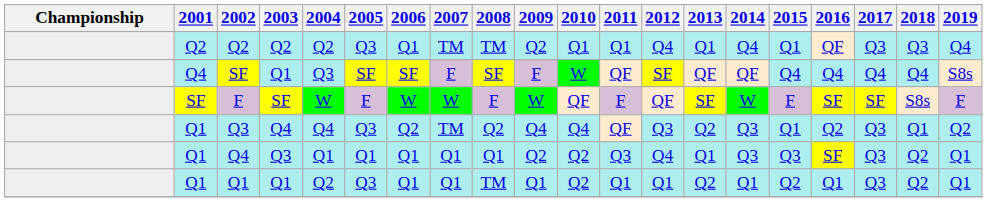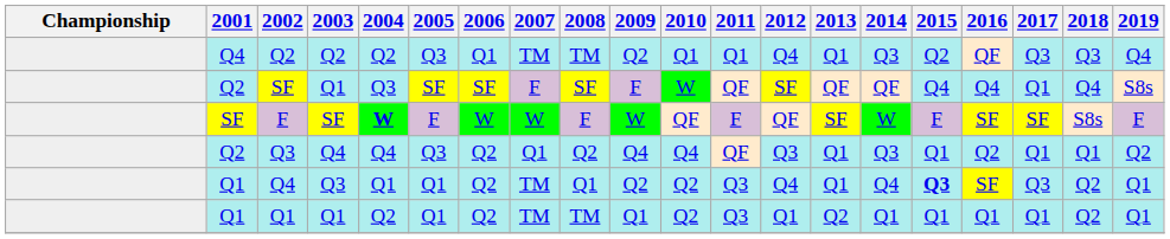 <table class="wikitable" style="text-align:center">
 <tr>
 <th width="150">Championship</th>
 <th><a href='#'>2001</a></th>
 <th><a href='#'>2002</a></th>
 <th><a href='#'>2003</a></th>
 <th><a href='#'>2004</a></th>
 <th><a href='#'>2005</a></th>
 <th><a href='#'>2006</a></th>
 <th><a href='#'>2007</a></th>
 <th><a href='#'>2008</a></th>
 <th><a href='#'>2009</a></th>
 <th><a href='#'>2010</a></th>
 <th><a href='#'>2011</a></th>
 <th><a href='#'>2012</a></th>
 <th><a href='#'>2013</a></th>
 <th><a href='#'>2014</a></th>
 <th><a href='#'>2015</a></th>
 <th><a href='#'>2016</a></th>
 <th><a href='#'>2017</a></th>
 <th><a href='#'>2018</a></th>
 <th><a href='#'>2019</a></th>
 </tr>
 <tr>
 <td style="background:#efefef; text-align:left;"></td>
-<td style="background:#afeeee;"><a href='#'>Q2</a></td>
+<td style="background:#afeeee;"><a href='#'>Q4</a></td>
 <td style="background:#afeeee;"><a href='#'>Q2</a></td>
 <td style="background:#afeeee;"><a href='#'>Q2</a></td>
 <td style="background:#afeeee;"><a href='#'>Q2</a></td>
 <td style="background:#afeeee;"><a href='#'>Q3</a></td>
 <td style="background:#afeeee;"><a href='#'>Q1</a></td>
 <td style="background:#afeeee;"><a href='#'>TM</a></td>
 <td style="background:#afeeee;"><a href='#'>TM</a></td>
 <td style="background:#afeeee;"><a href='#'>Q2</a></td>
 <td style="background:#afeeee;"><a href='#'>Q1</a></td>
 <td style="background:#afeeee;"><a href='#'>Q1</a></td>
 <td style="background:#afeeee;"><a href='#'>Q4</a></td>
 <td style="background:#afeeee;"><a href='#'>Q1</a></td>
-<td style="background:#afeeee;"><a href='#'>Q4</a></td>
-<td style="background:#afeeee;"><a href='#'>Q1</a></td>
+<td style="background:#afeeee;"><a href='#'>Q3</a></td>
+<td style="background:#afeeee;"><a href='#'>Q2</a></td>
 <td style="background:#ffebcd;"><a href='#'>QF</a></td>
 <td style="background:#afeeee;"><a href='#'>Q3</a></td>
 <td style="background:#afeeee;"><a href='#'>Q3</a></td>
 <td style="background:#afeeee;"><a href='#'>Q4</a></td>
 </tr>
 <tr>
 <td style="background:#efefef; text-align:left;"></td>
-<td style="background:#afeeee;"><a href='#'>Q4</a></td>
+<td style="background:#afeeee;"><a href='#'>Q2</a></td>
 <td bgcolor="yellow"><a href='#'>SF</a></td>
 <td style="background:#afeeee"><a href='#'>Q1</a></td>
 <td style="background:#afeeee;"><a href='#'>Q3</a></td>
 <td bgcolor="yellow"><a href='#'>SF</a></td>
 <td bgcolor="yellow"><a href='#'>SF</a></td>
 <td bgcolor="thistle"><a href='#'>F</a></td>
 <td bgcolor="yellow"><a href='#'>SF</a></td>
 <td bgcolor="thistle"><a href='#'>F</a></td>
 <td bgcolor="lime"><a href='#'>W</a></td>
 <td style="background:#ffebcd;"><a href='#'>QF</a></td>
 <td bgcolor="yellow"><a href='#'>SF</a></td>
 <td style="background:#ffebcd;"><a href='#'>QF</a></td>
 <td style="background:#ffebcd;"><a href='#'>QF</a></td>
 <td style="background:#afeeee;"><a href='#'>Q4</a></td>
 <td style="background:#afeeee;"><a href='#'>Q4</a></td>
-<td style="background:#afeeee;"><a href='#'>Q4</a></td>
+<td style="background:#afeeee;"><a href='#'>Q1</a></td>
 <td style="background:#afeeee;"><a href='#'>Q4</a></td>
 <td style="background:#ffebcd;"><a href='#'>S8s</a></td>
 </tr>
 <tr>
 <td style="background:#efefef; text-align:left;"></td>
 <td bgcolor="yellow"><a href='#'>SF</a></td>
 <td bgcolor="thistle"><a href='#'>F</a></td>
 <td bgcolor="yellow"><a href='#'>SF</a></td>
-<td bgcolor="lime"><a href='#'>W</a></td>
+<td bgcolor="lime"><strong><a href='#'>W</a></strong></td>
 <td bgcolor="thistle"><a href='#'>F</a></td>
 <td bgcolor="lime"><a href='#'>W</a></td>
 <td bgcolor="lime"><a href='#'>W</a></td>
 <td bgcolor="thistle"><a href='#'>F</a></td>
 <td bgcolor="lime"><a href='#'>W</a></td>
 <td style="background:#ffebcd;"><a href='#'>QF</a></td>
 <td bgcolor="thistle"><a href='#'>F</a></td>
 <td style="background:#ffebcd;"><a href='#'>QF</a></td>
 <td bgcolor="yellow"><a href='#'>SF</a></td>
 <td bgcolor="lime"><a href='#'>W</a></td>
 <td bgcolor="thistle"><a href='#'>F</a></td>
 <td bgcolor="yellow"><a href='#'>SF</a></td>
 <td bgcolor="yellow"><a href='#'>SF</a></td>
 <td style="background:#ffebcd;"><a href='#'>S8s</a></td>
 <td bgcolor="thistle"><a href='#'>F</a></td>
 </tr>
 <tr>
 <td style="background:#efefef; text-align:left;"></td>
-<td style="background:#afeeee;"><a href='#'>Q1</a></td>
+<td style="background:#afeeee;"><a href='#'>Q2</a></td>
 <td style="background:#afeeee;"><a href='#'>Q3</a></td>
 <td style="background:#afeeee;"><a href='#'>Q4</a></td>
 <td style="background:#afeeee;"><a href='#'>Q4</a></td>
 <td style="background:#afeeee;"><a href='#'>Q3</a></td>
 <td style="background:#afeeee;"><a href='#'>Q2</a></td>
-<td style="background:#afeeee;"><a href='#'>TM</a></td>
+<td style="background:#afeeee;"><a href='#'>Q1</a></td>
 <td style="background:#afeeee;"><a href='#'>Q2</a></td>
 <td style="background:#afeeee;"><a href='#'>Q4</a></td>
 <td style="background:#afeeee;"><a href='#'>Q4</a></td>
 <td style="background:#ffebcd;"><a href='#'>QF</a></td>
 <td style="background:#afeeee;"><a href='#'>Q3</a></td>
-<td style="background:#afeeee;"><a href='#'>Q2</a></td>
+<td style="background:#afeeee;"><a href='#'>Q1</a></td>
 <td style="background:#afeeee;"><a href='#'>Q3</a></td>
 <td style="background:#afeeee;"><a href='#'>Q1</a></td>
 <td style="background:#afeeee;"><a href='#'>Q2</a></td>
-<td style="background:#afeeee;"><a href='#'>Q3</a></td>
+<td style="background:#afeeee;"><a href='#'>Q1</a></td>
 <td style="background:#afeeee;"><a href='#'>Q1</a></td>
 <td style="background:#afeeee;"><a href='#'>Q2</a></td>
 </tr>
 <tr>
 <td style="background:#efefef; text-align:left;"></td>
 <td style="background:#afeeee;"><a href='#'>Q1</a></td>
 <td style="background:#afeeee;"><a href='#'>Q4</a></td>
 <td style="background:#afeeee;"><a href='#'>Q3</a></td>
 <td style="background:#afeeee;"><a href='#'>Q1</a></td>
 <td style="background:#afeeee;"><a href='#'>Q1</a></td>
-<td style="background:#afeeee;"><a href='#'>Q1</a></td>
-<td style="background:#afeeee;"><a href='#'>Q1</a></td>
+<td style="background:#afeeee;"><a href='#'>Q2</a></td>
+<td style="background:#afeeee;"><a href='#'>TM</a></td>
 <td style="background:#afeeee;"><a href='#'>Q1</a></td>
 <td style="background:#afeeee;"><a href='#'>Q2</a></td>
 <td style="background:#afeeee;"><a href='#'>Q2</a></td>
 <td style="background:#afeeee;"><a href='#'>Q3</a></td>
 <td style="background:#afeeee;"><a href='#'>Q4</a></td>
 <td style="background:#afeeee;"><a href='#'>Q1</a></td>
-<td style="background:#afeeee;"><a href='#'>Q3</a></td>
-<td style="background:#afeeee;"><a href='#'>Q3</a></td>
+<td style="background:#afeeee;"><a href='#'>Q4</a></td>
+<td style="background:#afeeee;"><strong><a href='#'>Q3</a></strong></td>
 <td bgcolor="yellow"><a href='#'>SF</a></td>
 <td style="background:#afeeee;"><a href='#'>Q3</a></td>
 <td style="background:#afeeee;"><a href='#'>Q2</a></td>
 <td style="background:#afeeee;"><a href='#'>Q1</a></td>
 </tr>
 <tr>
 <td style="background:#efefef; text-align:left;"></td>
 <td style="background:#afeeee;"><a href='#'>Q1</a></td>
 <td style="background:#afeeee;"><a href='#'>Q1</a></td>
 <td style="background:#afeeee;"><a href='#'>Q1</a></td>
 <td style="background:#afeeee;"><a href='#'>Q2</a></td>
+<td style="background:#afeeee;"><a href='#'>Q1</a></td>
+<td style="background:#afeeee;"><a href='#'>Q2</a></td>
+<td style="background:#afeeee;"><a href='#'>TM</a></td>
+<td style="background:#afeeee;"><a href='#'>TM</a></td>
+<td style="background:#afeeee;"><a href='#'>Q1</a></td>
+<td style="background:#afeeee;"><a href='#'>Q2</a></td>
 <td style="background:#afeeee;"><a href='#'>Q3</a></td>
-<td style="background:#afeeee;"><a href='#'>Q1</a></td>
-<td style="background:#afeeee;"><a href='#'>Q1</a></td>
-<td style="background:#afeeee;"><a href='#'>TM</a></td>
 <td style="background:#afeeee;"><a href='#'>Q1</a></td>
 <td style="background:#afeeee;"><a href='#'>Q2</a></td>
 <td style="background:#afeeee;"><a href='#'>Q1</a></td>
 <td style="background:#afeeee;"><a href='#'>Q1</a></td>
-<td style="background:#afeeee;"><a href='#'>Q2</a></td>
 <td style="background:#afeeee;"><a href='#'>Q1</a></td>
-<td style="background:#afeeee;"><a href='#'>Q2</a></td>
 <td style="background:#afeeee;"><a href='#'>Q1</a></td>
-<td style="background:#afeeee;"><a href='#'>Q3</a></td>
 <td style="background:#afeeee;"><a href='#'>Q2</a></td>
 <td style="background:#afeeee;"><a href='#'>Q1</a></td>
 </tr>
 <tr>
 </tr>
 </table>
